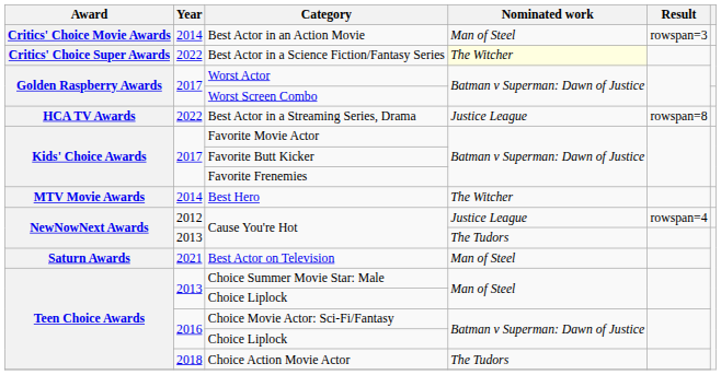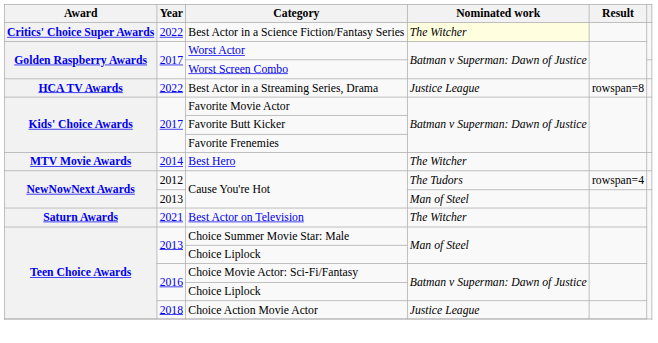 <table class="wikitable sortable plainrowheaders">
 <tr>
 <th scope="col">Award</th>
 <th scope="col">Year</th>
 <th scope="col">Category</th>
 <th scope="col">Nominated work</th>
 <th scope="col">Result</th>
 <th scope="col" class="unsortable"></th>
-</tr>
-<tr>
-<th scope="row"><a href='#'>Critics' Choice Movie Awards</a></th>
-<td><a href='#'>2014</a></td>
-<td>Best Actor in an Action Movie</td>
-<td><em>Man of Steel</em></td>
-<td>rowspan=3 </td>
-<td style="text-align: center;"></td>
 </tr>
 <tr>
 <th scope="row"><a href='#'>Critics' Choice Super Awards</a></th>
 <td><a href='#'>2022</a></td>
 <td>Best Actor in a Science Fiction/Fantasy Series</td>
 <td style="background: lightyellow;"><em>The Witcher</em></td>
 <td style="text-align: center;"></td>
 </tr>
 <tr>
 <th scope="row" rowspan=2><a href='#'>Golden Raspberry Awards</a></th>
 <td rowspan=2><a href='#'>2017</a></td>
 <td><a href='#'>Worst Actor</a></td>
 <td rowspan=2><em>Batman v Superman: Dawn of Justice</em></td>
 <td rowspan=2 style="text-align: center;"></td>
 </tr>
 <tr>
 <td><a href='#'>Worst Screen Combo</a> </td>
 <td></td>
 </tr>
 <tr>
 <th scope="row"><a href='#'>HCA TV Awards</a></th>
 <td><a href='#'>2022</a></td>
 <td>Best Actor in a Streaming Series, Drama</td>
 <td><em>Justice League</em></td>
 <td>rowspan=8 </td>
 <td style="text-align: center;"></td>
 </tr>
 <tr>
 <th scope="row" rowspan=3><a href='#'>Kids' Choice Awards</a></th>
 <td rowspan=3><a href='#'>2017</a></td>
 <td>Favorite Movie Actor</td>
 <td rowspan=3><em>Batman v Superman: Dawn of Justice</em></td>
 <td rowspan=3 style="text-align: center;"></td>
 </tr>
 <tr>
 <td>Favorite Butt Kicker</td>
 </tr>
 <tr>
 <td>Favorite Frenemies </td>
 </tr>
 <tr>
 <th scope="row"><a href='#'>MTV Movie Awards</a></th>
 <td><a href='#'>2014</a></td>
 <td><a href='#'>Best Hero</a></td>
 <td><em>The Witcher</em></td>
 <td></td>
 <td style="text-align: center;"></td>
 </tr>
 <tr>
 <th scope="row" rowspan=2><a href='#'>NewNowNext Awards</a></th>
 <td>2012</td>
 <td rowspan=2>Cause You're Hot</td>
-<td><em>Justice League</em></td>
+<td><em>The Tudors</em></td>
 <td>rowspan=4 </td>
 <td style="text-align: center;"></td>
 </tr>
 <tr>
 <td>2013</td>
-<td><em>The Tudors</em></td>
+<td><em>Man of Steel</em></td>
 <td style="text-align: center;"></td>
 </tr>
 <tr>
 <th scope="row"><a href='#'>Saturn Awards</a></th>
 <td><a href='#'>2021</a></td>
 <td><a href='#'>Best Actor on Television</a></td>
-<td><em>Man of Steel</em></td>
+<td><em>The Witcher</em></td>
 <td style="text-align: center;"></td>
 </tr>
 <tr>
 <th scope="row" rowspan=5><a href='#'>Teen Choice Awards</a></th>
 <td rowspan=2><a href='#'>2013</a></td>
 <td>Choice Summer Movie Star: Male</td>
 <td rowspan=2><em>Man of Steel</em></td>
 <td rowspan=2 style="text-align: center;"></td>
 </tr>
 <tr>
 <td>Choice Liplock </td>
 </tr>
 <tr>
 <td rowspan=2><a href='#'>2016</a></td>
 <td>Choice Movie Actor: Sci-Fi/Fantasy</td>
 <td rowspan=2><em>Batman v Superman: Dawn of Justice</em></td>
 <td rowspan=2 style="text-align: center;"></td>
 </tr>
 <tr>
 <td>Choice Liplock </td>
 </tr>
 <tr>
 <td><a href='#'>2018</a></td>
 <td>Choice Action Movie Actor</td>
-<td><em>The Tudors</em></td>
+<td><em>Justice League</em></td>
 <td style="text-align: center;"></td>
 </tr>
 <tr>
 </tr>
 </table>
